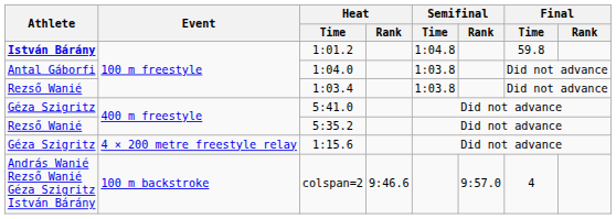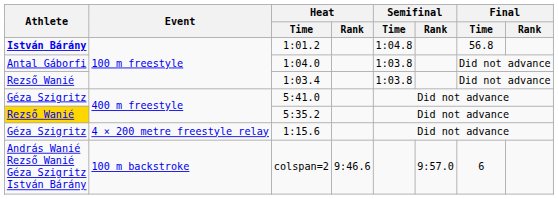 <table class=wikitable style="font-size:90%;">
 <tr>
 <th rowspan=2>Athlete</th>
 <th rowspan=2>Event</th>
 <th colspan=2>Heat</th>
 <th colspan=2>Semifinal</th>
 <th colspan=2>Final</th>
 </tr>
 <tr style="font-size:95%">
 <th>Time</th>
 <th>Rank</th>
 <th>Time</th>
 <th>Rank</th>
 <th>Time</th>
 <th>Rank</th>
 </tr>
 <tr align=center>
 <td align=left><strong><a href='#'>István Bárány</a></strong></td>
 <td rowspan=3 align=left><a href='#'>100 m freestyle</a></td>
 <td>1:01.2</td>
 <td></td>
 <td>1:04.8</td>
 <td></td>
-<td>59.8</td>
+<td>56.8</td>
 <td></td>
 </tr>
 <tr align=center>
 <td align=left><a href='#'>Antal Gáborfi</a></td>
 <td>1:04.0</td>
 <td></td>
 <td>1:03.8</td>
 <td></td>
 <td colspan=2>Did not advance</td>
 </tr>
 <tr align=center>
 <td align=left><a href='#'>Rezső Wanié</a></td>
 <td>1:03.4</td>
 <td></td>
 <td>1:03.8</td>
 <td></td>
 <td colspan=2>Did not advance</td>
 </tr>
 <tr align=center>
 <td align=left><a href='#'>Géza Szigritz</a></td>
 <td rowspan=2 align=left><a href='#'>400 m freestyle</a></td>
 <td>5:41.0</td>
 <td></td>
 <td colspan=4>Did not advance</td>
 </tr>
 <tr align=center>
-<td align=left><a href='#'>Rezső Wanié</a></td>
+<td align=left style="background: gold;"><a href='#'>Rezső Wanié</a></td>
 <td>5:35.2</td>
 <td></td>
 <td colspan=4>Did not advance</td>
 </tr>
 <tr align=center>
 <td align=left><a href='#'>Géza Szigritz</a></td>
 <td align=left><a href='#'>4 × 200 metre freestyle relay</a></td>
 <td>1:15.6</td>
 <td></td>
 <td colspan=4>Did not advance</td>
 </tr>
 <tr align=center>
 <td align=left><a href='#'>András Wanié</a><br><a href='#'>Rezső Wanié</a><br><a href='#'>Géza Szigritz</a><br><a href='#'>István Bárány</a></td>
 <td align=left><a href='#'>100 m backstroke</a></td>
 <td>colspan=2 </td>
 <td>9:46.6</td>
 <td></td>
 <td>9:57.0</td>
-<td>4</td>
+<td>6</td>
 </tr>
 </table>
